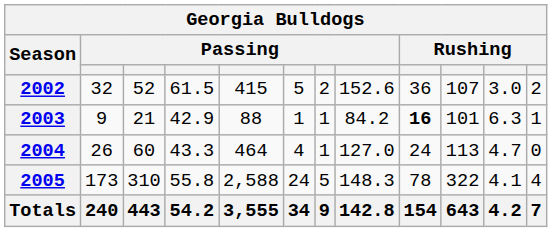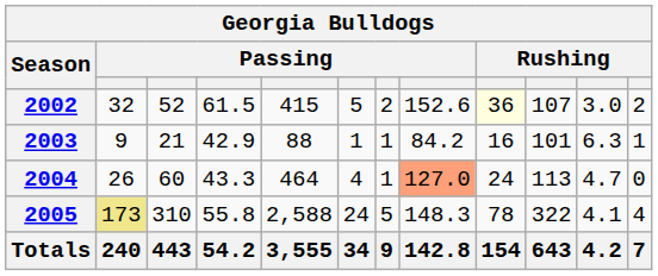 <table class="wikitable" style="text-align:center;">
 <tr>
 <th colspan="15">Georgia Bulldogs</th>
 </tr>
 <tr>
 <th rowspan="2">Season</th>
 <th colspan="7">Passing</th>
 <th colspan="4">Rushing</th>
 </tr>
 <tr>
 <th></th>
 <th></th>
 <th></th>
 <th></th>
 <th></th>
 <th></th>
 <th></th>
 <th></th>
 <th></th>
 <th></th>
 <th></th>
 </tr>
 <tr>
 <th><a href='#'>2002</a></th>
 <td>32</td>
 <td>52</td>
 <td>61.5</td>
 <td>415</td>
 <td>5</td>
 <td>2</td>
 <td>152.6</td>
-<td>36</td>
+<td style="background: lightyellow;">36</td>
 <td>107</td>
 <td>3.0</td>
 <td>2</td>
 </tr>
 <tr>
 <th><a href='#'>2003</a></th>
 <td>9</td>
 <td>21</td>
 <td>42.9</td>
 <td>88</td>
 <td>1</td>
 <td>1</td>
 <td>84.2</td>
-<td><strong>16</strong></td>
+<td>16</td>
 <td>101</td>
 <td>6.3</td>
 <td>1</td>
 </tr>
 <tr>
 <th><a href='#'>2004</a></th>
 <td>26</td>
 <td>60</td>
 <td>43.3</td>
 <td>464</td>
 <td>4</td>
 <td>1</td>
-<td>127.0</td>
+<td style="background: lightsalmon;">127.0</td>
 <td>24</td>
 <td>113</td>
 <td>4.7</td>
 <td>0</td>
 </tr>
 <tr>
 <th><a href='#'>2005</a></th>
-<td>173</td>
+<td style="background: khaki;">173</td>
 <td>310</td>
 <td>55.8</td>
 <td>2,588</td>
 <td>24</td>
 <td>5</td>
 <td>148.3</td>
 <td>78</td>
 <td>322</td>
 <td>4.1</td>
 <td>4</td>
 </tr>
 <tr>
 <th>Totals</th>
 <th>240</th>
 <th>443</th>
 <th>54.2</th>
 <th>3,555</th>
 <th>34</th>
 <th>9</th>
 <th>142.8</th>
 <th>154</th>
 <th>643</th>
 <th>4.2</th>
 <th>7</th>
 </tr>
 </table>
